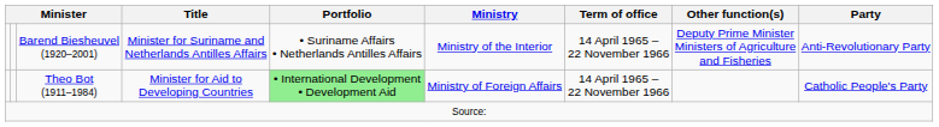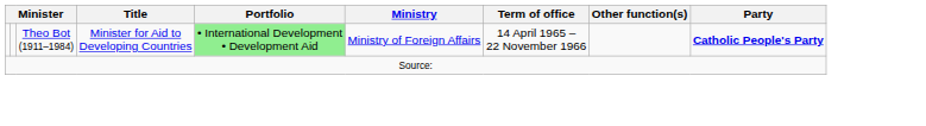 <table class="wikitable" style="text-align:center">
 <tr>
 <th colspan=3>Minister</th>
 <th>Title</th>
 <th>Portfolio</th>
 <th><a href='#'>Ministry</a></th>
 <th>Term of office</th>
 <th>Other function(s)</th>
 <th>Party</th>
 </tr>
 <tr>
 <td style="background:"></td>
 <td></td>
-<td><a href='#'>Barend Biesheuvel</a> <br> <small>(1920–2001)</small></td>
-<td><a href='#'>Minister for Suriname and <br> Netherlands Antilles Affairs</a></td>
-<td>• Suriname Affairs <br> • Netherlands Antilles Affairs</td>
-<td><a href='#'>Ministry of the Interior</a></td>
-<td>14 April 1965 – <br> 22 November 1966</td>
-<td><a href='#'>Deputy Prime Minister</a> <br> <a href='#'>Ministers of Agriculture <br> and Fisheries</a></td>
-<td><a href='#'>Anti-Revolutionary Party</a></td>
-</tr>
-<tr>
-<td style="background:"></td>
-<td></td>
 <td><a href='#'>Theo Bot</a> <br> <small>(1911–1984)</small></td>
 <td><a href='#'>Minister for Aid to <br> Developing Countries</a></td>
 <td style="background: lightgreen;">• International Development <br> • Development Aid</td>
 <td><a href='#'>Ministry of Foreign Affairs</a></td>
 <td>14 April 1965 – <br> 22 November 1966</td>
 <td></td>
-<td><a href='#'>Catholic People's Party</a></td>
+<td><strong><a href='#'>Catholic People's Party</a></strong></td>
 </tr>
 <tr>
 <td colspan=9><small>Source:</small></td>
 </tr>
 </table>
